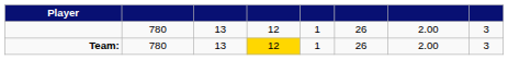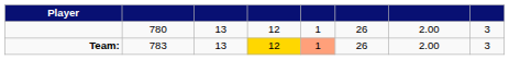 <table class="wikitable sortable" style="width:60%; text-align:center;">
 <tr>
 <th style="color:white; background:#081073; ">Player</th>
 <th style="color:white; background:#081073; "></th>
 <th style="color:white; background:#081073; "></th>
 <th style="color:white; background:#081073; "></th>
 <th style="color:white; background:#081073; "></th>
 <th style="color:white; background:#081073; "></th>
 <th style="color:white; background:#081073; "></th>
 <th style="color:white; background:#081073; "></th>
 </tr>
 <tr align="center">
 <td align="right"></td>
 <td>780</td>
 <td>13</td>
 <td>12</td>
 <td>1</td>
 <td>26</td>
 <td>2.00</td>
 <td>3</td>
 </tr>
 <tr align="center">
 <td align="right"><strong>Team:</strong></td>
-<td>780</td>
+<td>783</td>
 <td>13</td>
 <td style="background: gold;">12</td>
-<td>1</td>
+<td style="background: lightsalmon;">1</td>
 <td>26</td>
 <td>2.00</td>
 <td>3</td>
 </tr>
 </table>
